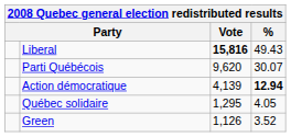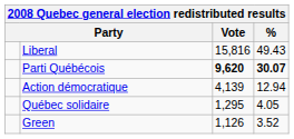 <table class="wikitable">
 <tr>
 <th colspan="4"><a href='#'>2008 Quebec general election</a> redistributed results</th>
 </tr>
 <tr>
 <th bgcolor="#DDDDFF" width="230px" colspan="2">Party</th>
 <th bgcolor="#DDDDFF" width="50px">Vote</th>
 <th bgcolor="#DDDDFF" width="30px">%</th>
 </tr>
 <tr>
 <td> </td>
 <td><a href='#'>Liberal</a></td>
-<td><strong>15,816</strong></td>
+<td>15,816</td>
 <td>49.43</td>
 </tr>
 <tr>
 <td> </td>
 <td><a href='#'>Parti Québécois</a></td>
-<td>9,620</td>
-<td>30.07</td>
+<td><strong>9,620</strong></td>
+<td><strong>30.07</strong></td>
 </tr>
 <tr>
 <td> </td>
 <td><a href='#'>Action démocratique</a></td>
 <td>4,139</td>
-<td><strong>12.94</strong></td>
+<td>12.94</td>
 </tr>
 <tr>
 <td> </td>
 <td><a href='#'>Québec solidaire</a></td>
 <td>1,295</td>
 <td>4.05</td>
 </tr>
 <tr>
 <td> </td>
 <td><a href='#'>Green</a></td>
 <td>1,126</td>
 <td>3.52</td>
 </tr>
 </table>
